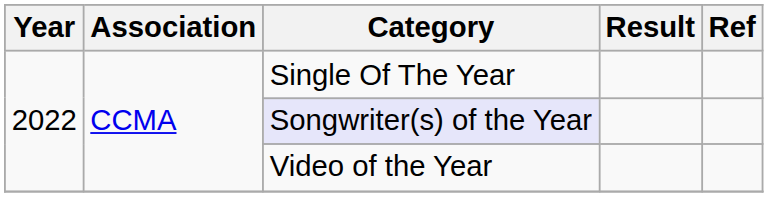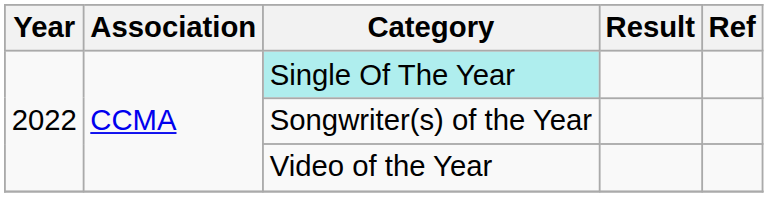 <table class="wikitable">
 <tr>
 <th>Year</th>
 <th>Association</th>
 <th>Category</th>
 <th>Result</th>
 <th>Ref</th>
 </tr>
 <tr>
 <td rowspan="3">2022</td>
 <td rowspan="3"><a href='#'>CCMA</a></td>
-<td>Single Of The Year</td>
+<td style="background: paleturquoise;">Single Of The Year</td>
 <td></td>
 <td></td>
 </tr>
 <tr>
-<td style="background: lavender;">Songwriter(s) of the Year</td>
+<td>Songwriter(s) of the Year</td>
 <td></td>
 <td></td>
 </tr>
 <tr>
 <td>Video of the Year</td>
 <td></td>
 <td></td>
 </tr>
 <tr>
 </tr>
 </table>
